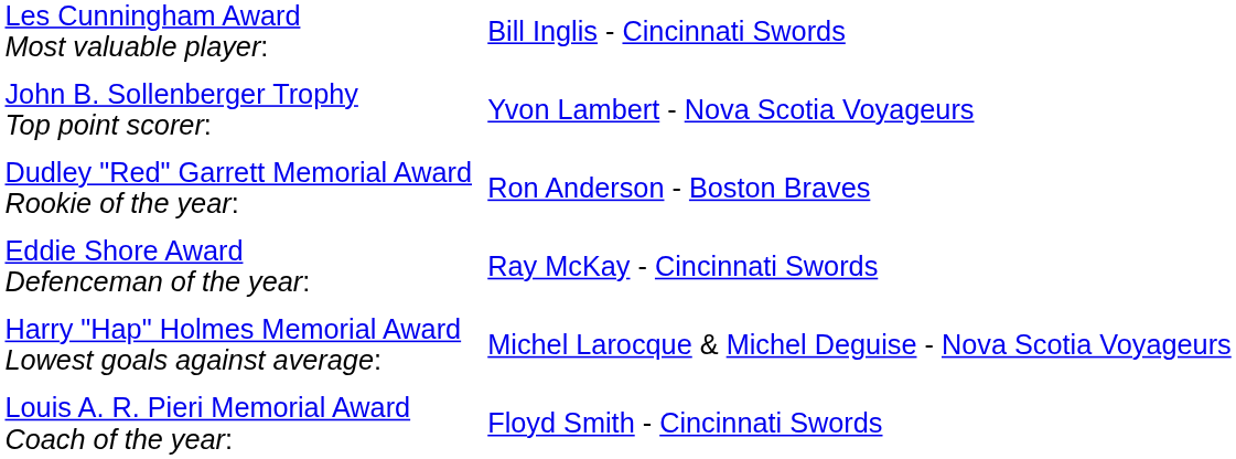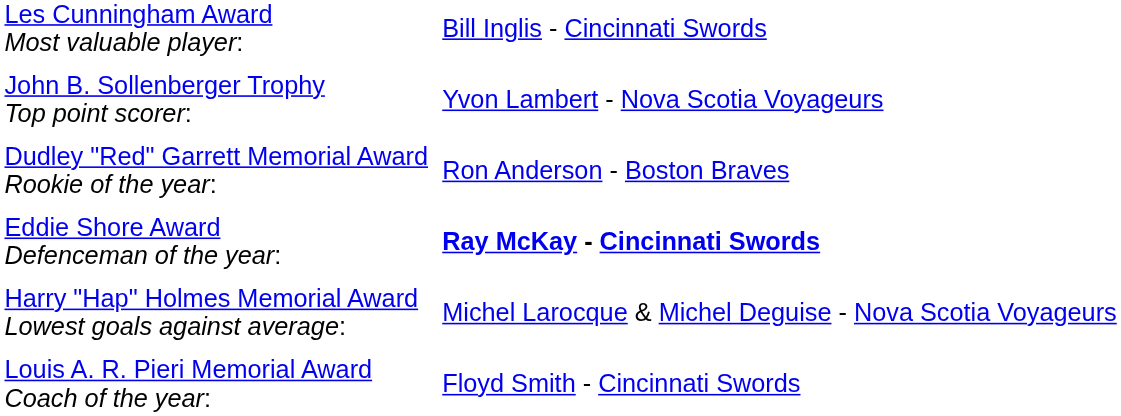 <table cellpadding="3" cellspacing="3">
 <tr>
 <td><a href='#'>Les Cunningham Award</a><br><em>Most valuable player</em>:</td>
 <td><a href='#'>Bill Inglis</a> - <a href='#'>Cincinnati Swords</a></td>
 </tr>
 <tr>
 <td><a href='#'>John B. Sollenberger Trophy</a><br><em>Top point scorer</em>:</td>
 <td><a href='#'>Yvon Lambert</a> - <a href='#'>Nova Scotia Voyageurs</a></td>
 </tr>
 <tr>
 <td><a href='#'>Dudley "Red" Garrett Memorial Award</a><br><em>Rookie of the year</em>:</td>
 <td><a href='#'>Ron Anderson</a> - <a href='#'>Boston Braves</a></td>
 </tr>
 <tr>
 <td><a href='#'>Eddie Shore Award</a><br><em>Defenceman of the year</em>:</td>
-<td><a href='#'>Ray McKay</a> - <a href='#'>Cincinnati Swords</a></td>
+<td><strong><a href='#'>Ray McKay</a> - <a href='#'>Cincinnati Swords</a></strong></td>
 </tr>
 <tr>
 <td><a href='#'>Harry "Hap" Holmes Memorial Award</a><br><em>Lowest goals against average</em>:</td>
 <td><a href='#'>Michel Larocque</a> & <a href='#'>Michel Deguise</a> - <a href='#'>Nova Scotia Voyageurs</a></td>
 </tr>
 <tr>
 <td><a href='#'>Louis A. R. Pieri Memorial Award</a><br><em>Coach of the year</em>:</td>
 <td><a href='#'>Floyd Smith</a> - <a href='#'>Cincinnati Swords</a></td>
 </tr>
 </table>
